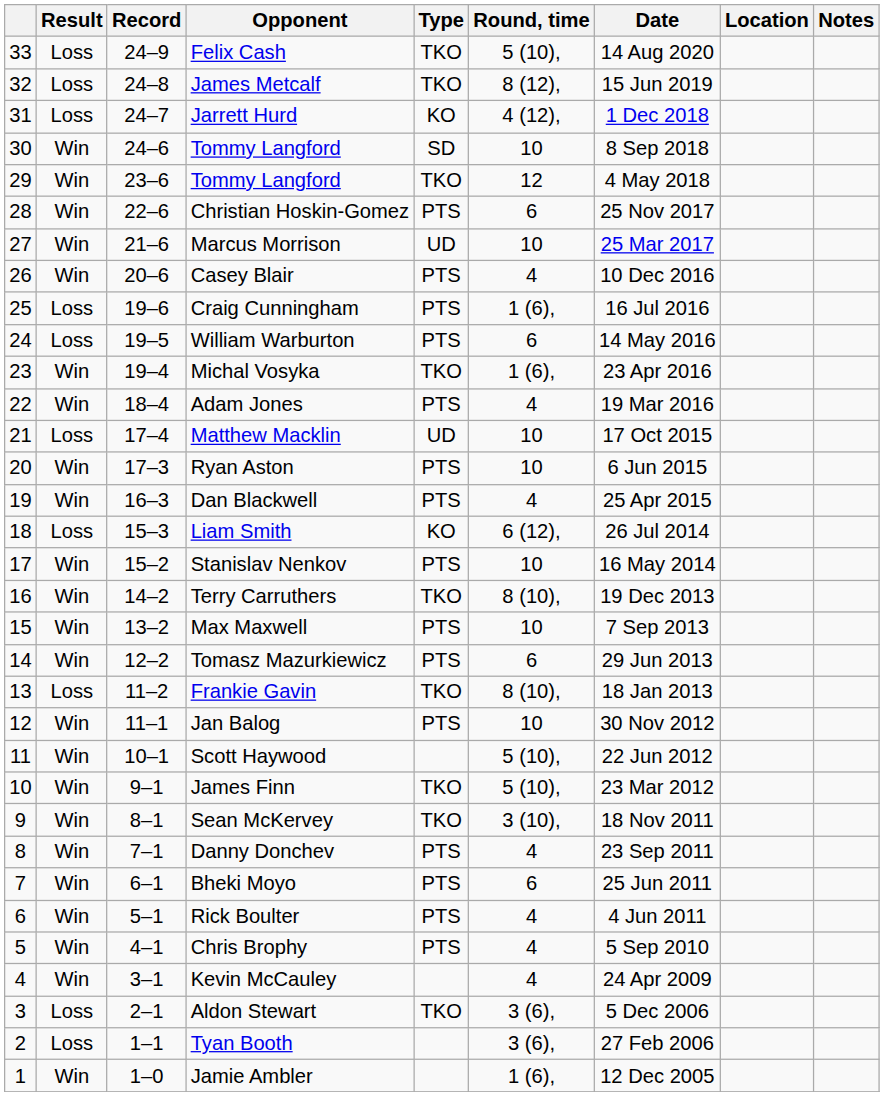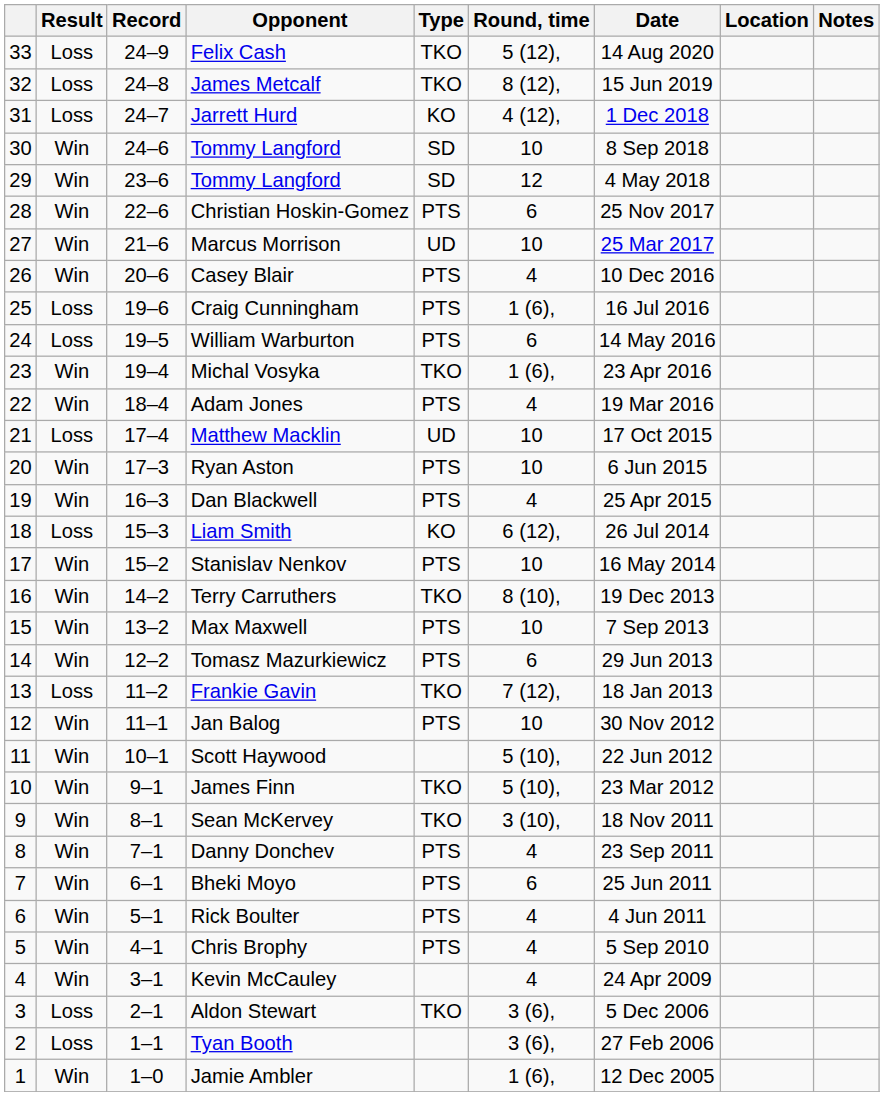 <table class="wikitable" style="text-align:center">
 <tr>
 <th></th>
 <th>Result</th>
 <th>Record</th>
 <th>Opponent</th>
 <th>Type</th>
 <th>Round, time</th>
 <th>Date</th>
 <th>Location</th>
 <th>Notes</th>
 </tr>
 <tr>
 <td>33</td>
 <td>Loss</td>
 <td>24–9</td>
 <td align=left><a href='#'>Felix Cash</a></td>
 <td>TKO</td>
-<td>5 (10), </td>
+<td>5 (12), </td>
 <td>14 Aug 2020</td>
 <td align=left></td>
 <td align=left></td>
 </tr>
 <tr>
 <td>32</td>
 <td>Loss</td>
 <td>24–8</td>
 <td align=left><a href='#'>James Metcalf</a></td>
 <td>TKO</td>
 <td>8 (12), </td>
 <td>15 Jun 2019</td>
 <td align=left></td>
 <td align=left></td>
 </tr>
 <tr>
 <td>31</td>
 <td>Loss</td>
 <td>24–7</td>
 <td align=left><a href='#'>Jarrett Hurd</a></td>
 <td>KO</td>
 <td>4 (12), </td>
 <td><a href='#'>1 Dec 2018</a></td>
 <td align=left></td>
 <td align=left></td>
 </tr>
 <tr>
 <td>30</td>
 <td>Win</td>
 <td>24–6</td>
 <td align=left><a href='#'>Tommy Langford</a></td>
 <td>SD</td>
 <td>10</td>
 <td>8 Sep 2018</td>
 <td align=left></td>
 <td align=left></td>
 </tr>
 <tr>
 <td>29</td>
 <td>Win</td>
 <td>23–6</td>
 <td align=left><a href='#'>Tommy Langford</a></td>
-<td>TKO</td>
+<td>SD</td>
 <td>12</td>
 <td>4 May 2018</td>
 <td align=left></td>
 <td align=left></td>
 </tr>
 <tr>
 <td>28</td>
 <td>Win</td>
 <td>22–6</td>
 <td align=left>Christian Hoskin-Gomez</td>
 <td>PTS</td>
 <td>6</td>
 <td>25 Nov 2017</td>
 <td align=left></td>
 <td></td>
 </tr>
 <tr>
 <td>27</td>
 <td>Win</td>
 <td>21–6</td>
 <td align=left>Marcus Morrison</td>
 <td>UD</td>
 <td>10</td>
 <td><a href='#'>25 Mar 2017</a></td>
 <td align=left></td>
 <td align=left></td>
 </tr>
 <tr>
 <td>26</td>
 <td>Win</td>
 <td>20–6</td>
 <td align=left>Casey Blair</td>
 <td>PTS</td>
 <td>4</td>
 <td>10 Dec 2016</td>
 <td align=left></td>
 <td></td>
 </tr>
 <tr>
 <td>25</td>
 <td>Loss</td>
 <td>19–6</td>
 <td align=left>Craig Cunningham</td>
 <td>PTS</td>
 <td>1 (6), </td>
 <td>16 Jul 2016</td>
 <td align=left></td>
 <td align=left></td>
 </tr>
 <tr>
 <td>24</td>
 <td>Loss</td>
 <td>19–5</td>
 <td align=left>William Warburton</td>
 <td>PTS</td>
 <td>6</td>
 <td>14 May 2016</td>
 <td align=left></td>
 <td></td>
 </tr>
 <tr>
 <td>23</td>
 <td>Win</td>
 <td>19–4</td>
 <td align=left>Michal Vosyka</td>
 <td>TKO</td>
 <td>1 (6), </td>
 <td>23 Apr 2016</td>
 <td align=left></td>
 <td></td>
 </tr>
 <tr>
 <td>22</td>
 <td>Win</td>
 <td>18–4</td>
 <td align=left>Adam Jones</td>
 <td>PTS</td>
 <td>4</td>
 <td>19 Mar 2016</td>
 <td align=left></td>
 <td></td>
 </tr>
 <tr>
 <td>21</td>
 <td>Loss</td>
 <td>17–4</td>
 <td align=left><a href='#'>Matthew Macklin</a></td>
 <td>UD</td>
 <td>10</td>
 <td>17 Oct 2015</td>
 <td align=left></td>
 <td align=left></td>
 </tr>
 <tr>
 <td>20</td>
 <td>Win</td>
 <td>17–3</td>
 <td align=left>Ryan Aston</td>
 <td>PTS</td>
 <td>10</td>
 <td>6 Jun 2015</td>
 <td align=left></td>
 <td align=left></td>
 </tr>
 <tr>
 <td>19</td>
 <td>Win</td>
 <td>16–3</td>
 <td align=left>Dan Blackwell</td>
 <td>PTS</td>
 <td>4</td>
 <td>25 Apr 2015</td>
 <td align=left></td>
 <td></td>
 </tr>
 <tr>
 <td>18</td>
 <td>Loss</td>
 <td>15–3</td>
 <td align=left><a href='#'>Liam Smith</a></td>
 <td>KO</td>
 <td>6 (12), </td>
 <td>26 Jul 2014</td>
 <td align=left></td>
 <td align=left></td>
 </tr>
 <tr>
 <td>17</td>
 <td>Win</td>
 <td>15–2</td>
 <td align=left>Stanislav Nenkov</td>
 <td>PTS</td>
 <td>10</td>
 <td>16 May 2014</td>
 <td align=left></td>
 <td></td>
 </tr>
 <tr>
 <td>16</td>
 <td>Win</td>
 <td>14–2</td>
 <td align=left>Terry Carruthers</td>
 <td>TKO</td>
 <td>8 (10), </td>
 <td>19 Dec 2013</td>
 <td align=left></td>
 <td align=left></td>
 </tr>
 <tr>
 <td>15</td>
 <td>Win</td>
 <td>13–2</td>
 <td align=left>Max Maxwell</td>
 <td>PTS</td>
 <td>10</td>
 <td>7 Sep 2013</td>
 <td align=left></td>
 <td></td>
 </tr>
 <tr>
 <td>14</td>
 <td>Win</td>
 <td>12–2</td>
 <td align=left>Tomasz Mazurkiewicz</td>
 <td>PTS</td>
 <td>6</td>
 <td>29 Jun 2013</td>
 <td align=left></td>
 <td></td>
 </tr>
 <tr>
 <td>13</td>
 <td>Loss</td>
 <td>11–2</td>
 <td align=left><a href='#'>Frankie Gavin</a></td>
 <td>TKO</td>
-<td>8 (10), </td>
+<td>7 (12), </td>
 <td>18 Jan 2013</td>
 <td align=left></td>
 <td align=left></td>
 </tr>
 <tr>
 <td>12</td>
 <td>Win</td>
 <td>11–1</td>
 <td align=left>Jan Balog</td>
 <td>PTS</td>
 <td>10</td>
 <td>30 Nov 2012</td>
 <td align=left></td>
 <td></td>
 </tr>
 <tr>
 <td>11</td>
 <td>Win</td>
 <td>10–1</td>
 <td align=left>Scott Haywood</td>
 <td></td>
 <td>5 (10), </td>
 <td>22 Jun 2012</td>
 <td align=left></td>
 <td align=left></td>
 </tr>
 <tr>
 <td>10</td>
 <td>Win</td>
 <td>9–1</td>
 <td align=left>James Finn</td>
 <td>TKO</td>
 <td>5 (10), </td>
 <td>23 Mar 2012</td>
 <td align=left></td>
 <td align=left></td>
 </tr>
 <tr>
 <td>9</td>
 <td>Win</td>
 <td>8–1</td>
 <td align=left>Sean McKervey</td>
 <td>TKO</td>
 <td>3 (10), </td>
 <td>18 Nov 2011</td>
 <td align=left></td>
 <td align=left></td>
 </tr>
 <tr>
 <td>8</td>
 <td>Win</td>
 <td>7–1</td>
 <td align=left>Danny Donchev</td>
 <td>PTS</td>
 <td>4</td>
 <td>23 Sep 2011</td>
 <td align=left></td>
 <td></td>
 </tr>
 <tr>
 <td>7</td>
 <td>Win</td>
 <td>6–1</td>
 <td align=left>Bheki Moyo</td>
 <td>PTS</td>
 <td>6</td>
 <td>25 Jun 2011</td>
 <td align=left></td>
 <td></td>
 </tr>
 <tr>
 <td>6</td>
 <td>Win</td>
 <td>5–1</td>
 <td align=left>Rick Boulter</td>
 <td>PTS</td>
 <td>4</td>
 <td>4 Jun 2011</td>
 <td align=left></td>
 <td></td>
 </tr>
 <tr>
 <td>5</td>
 <td>Win</td>
 <td>4–1</td>
 <td align=left>Chris Brophy</td>
 <td>PTS</td>
 <td>4</td>
 <td>5 Sep 2010</td>
 <td align=left></td>
 <td></td>
 </tr>
 <tr>
 <td>4</td>
 <td>Win</td>
 <td>3–1</td>
 <td align=left>Kevin McCauley</td>
 <td></td>
 <td>4</td>
 <td>24 Apr 2009</td>
 <td align=left></td>
 <td></td>
 </tr>
 <tr>
 <td>3</td>
 <td>Loss</td>
 <td>2–1</td>
 <td align=left>Aldon Stewart</td>
 <td>TKO</td>
 <td>3 (6), </td>
 <td>5 Dec 2006</td>
 <td align=left></td>
 <td></td>
 </tr>
 <tr>
 <td>2</td>
 <td>Loss</td>
 <td>1–1</td>
 <td align=left><a href='#'>Tyan Booth</a></td>
 <td></td>
 <td>3 (6), </td>
 <td>27 Feb 2006</td>
 <td align=left></td>
 <td></td>
 </tr>
 <tr>
 <td>1</td>
 <td>Win</td>
 <td>1–0</td>
 <td align=left>Jamie Ambler</td>
 <td></td>
 <td>1 (6), </td>
 <td>12 Dec 2005</td>
 <td align=left></td>
 <td></td>
 </tr>
 <tr>
 </tr>
 </table>
